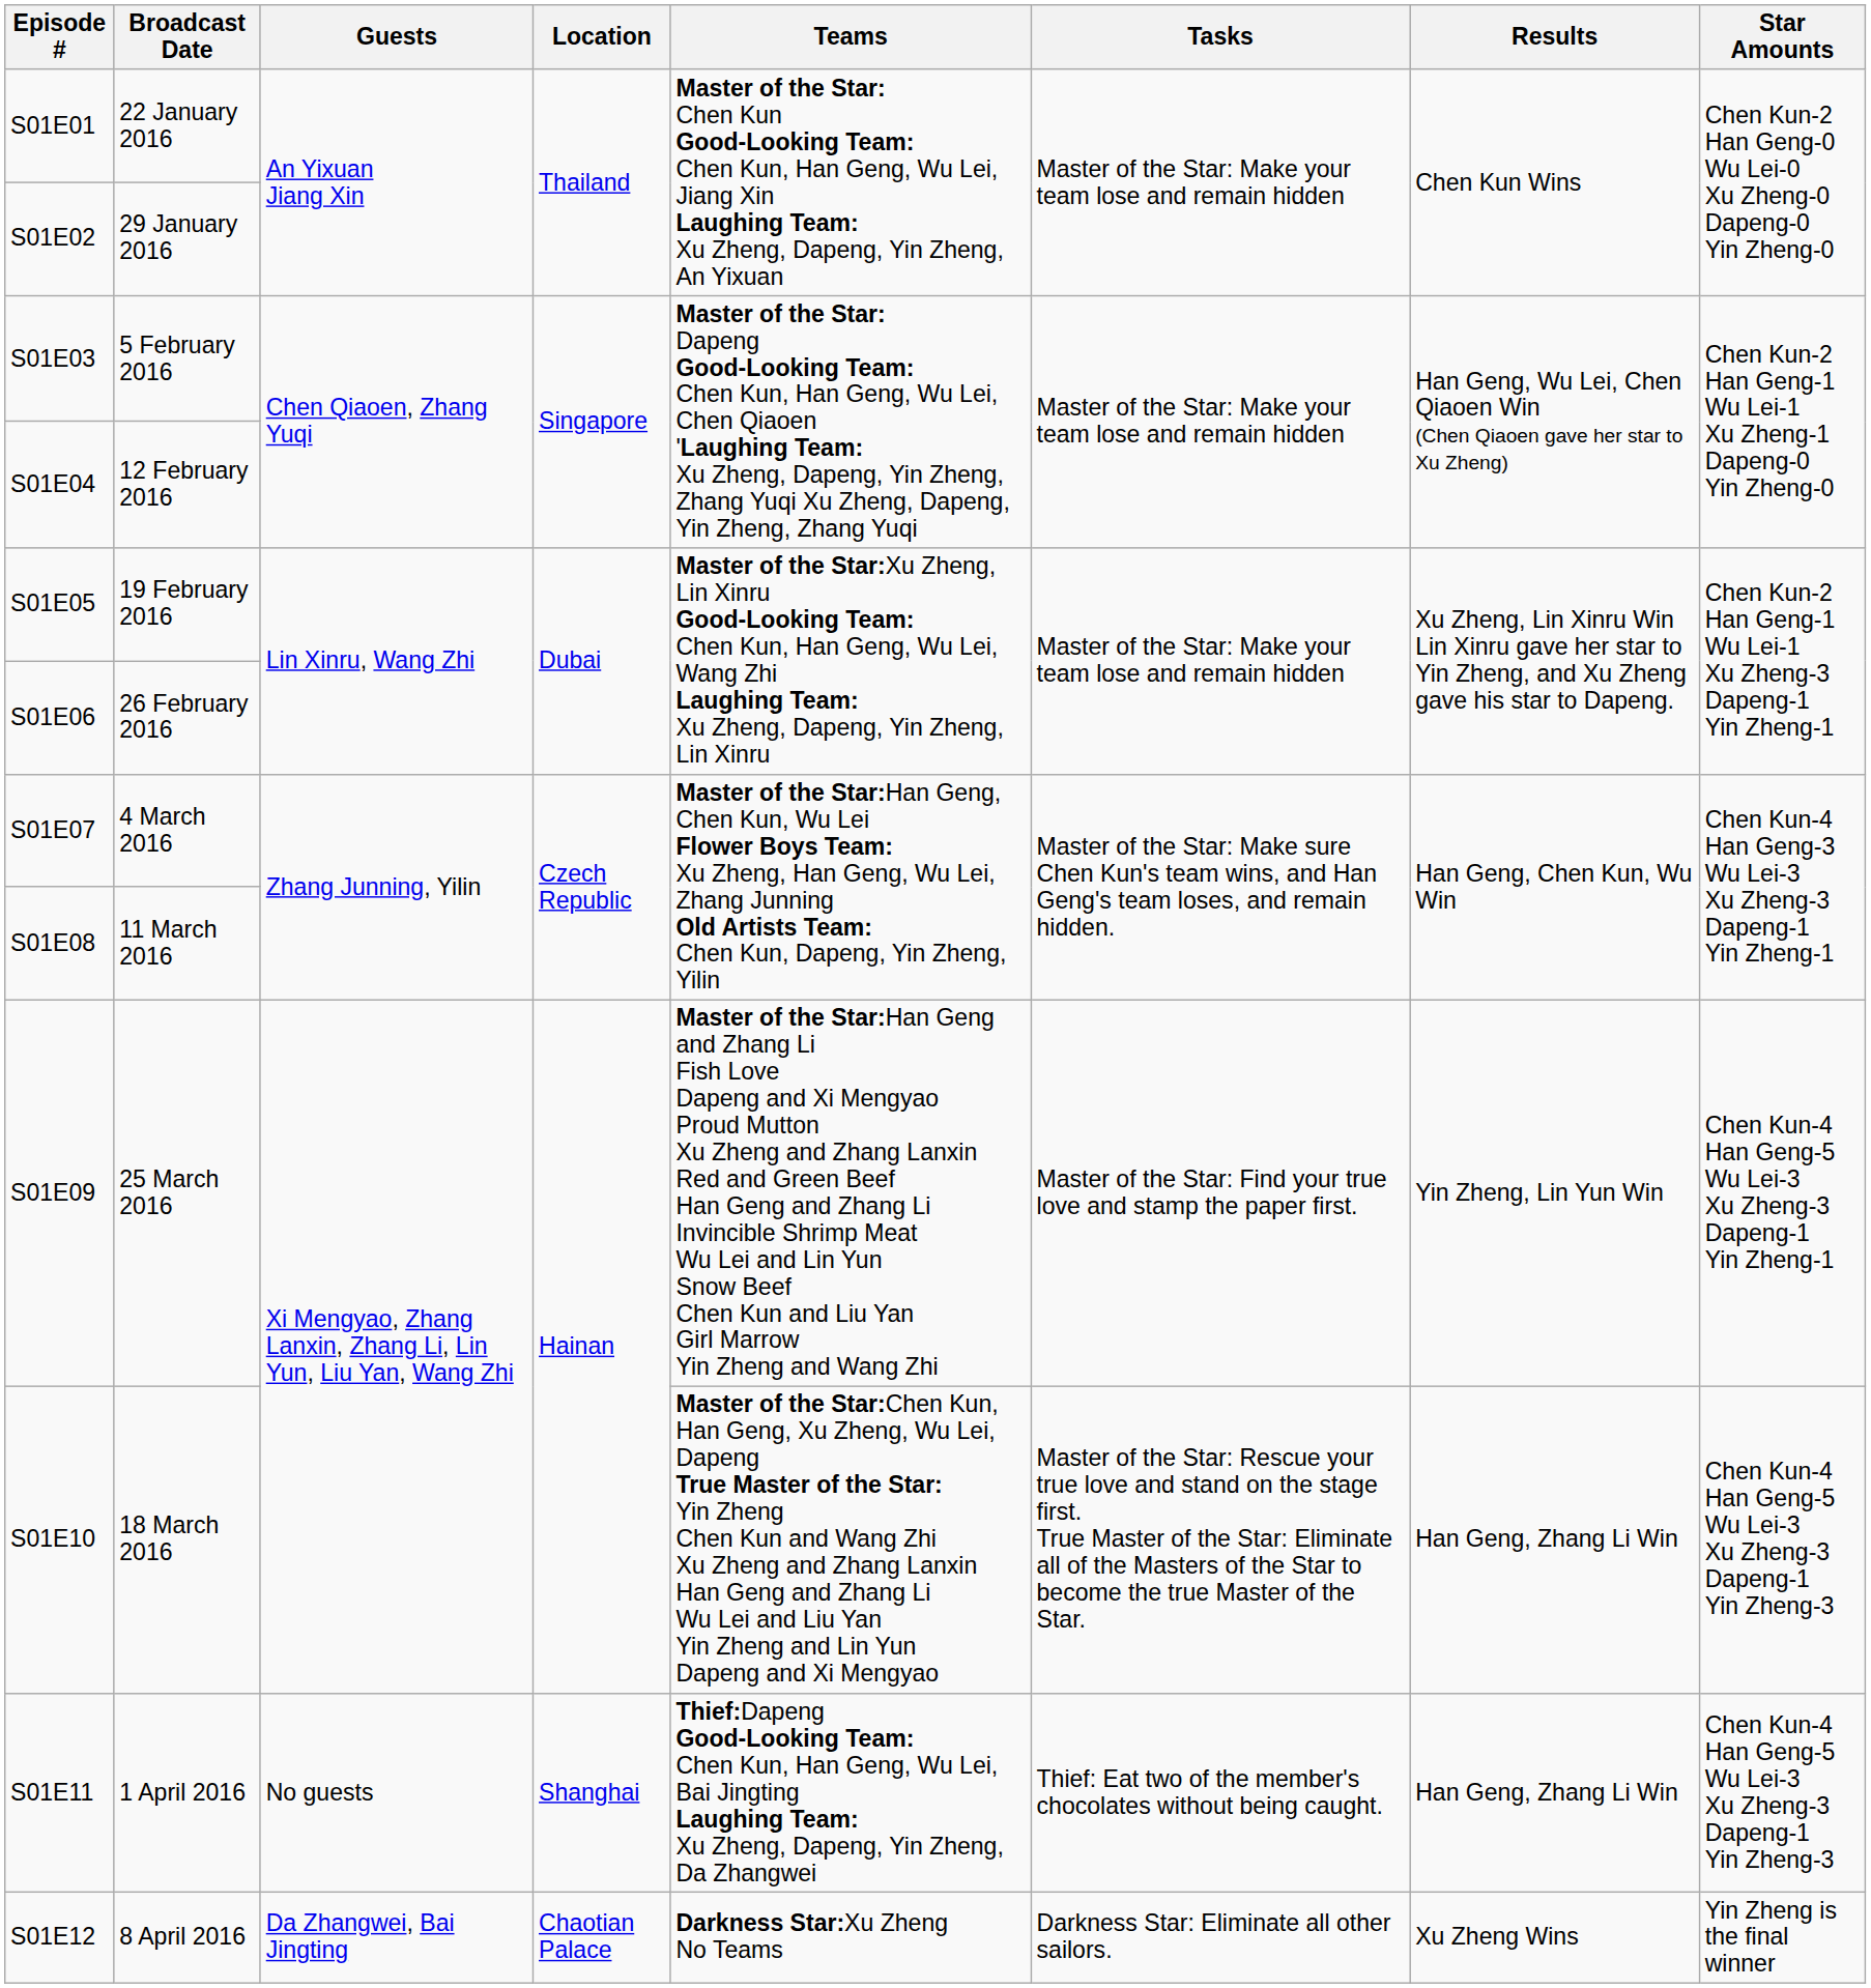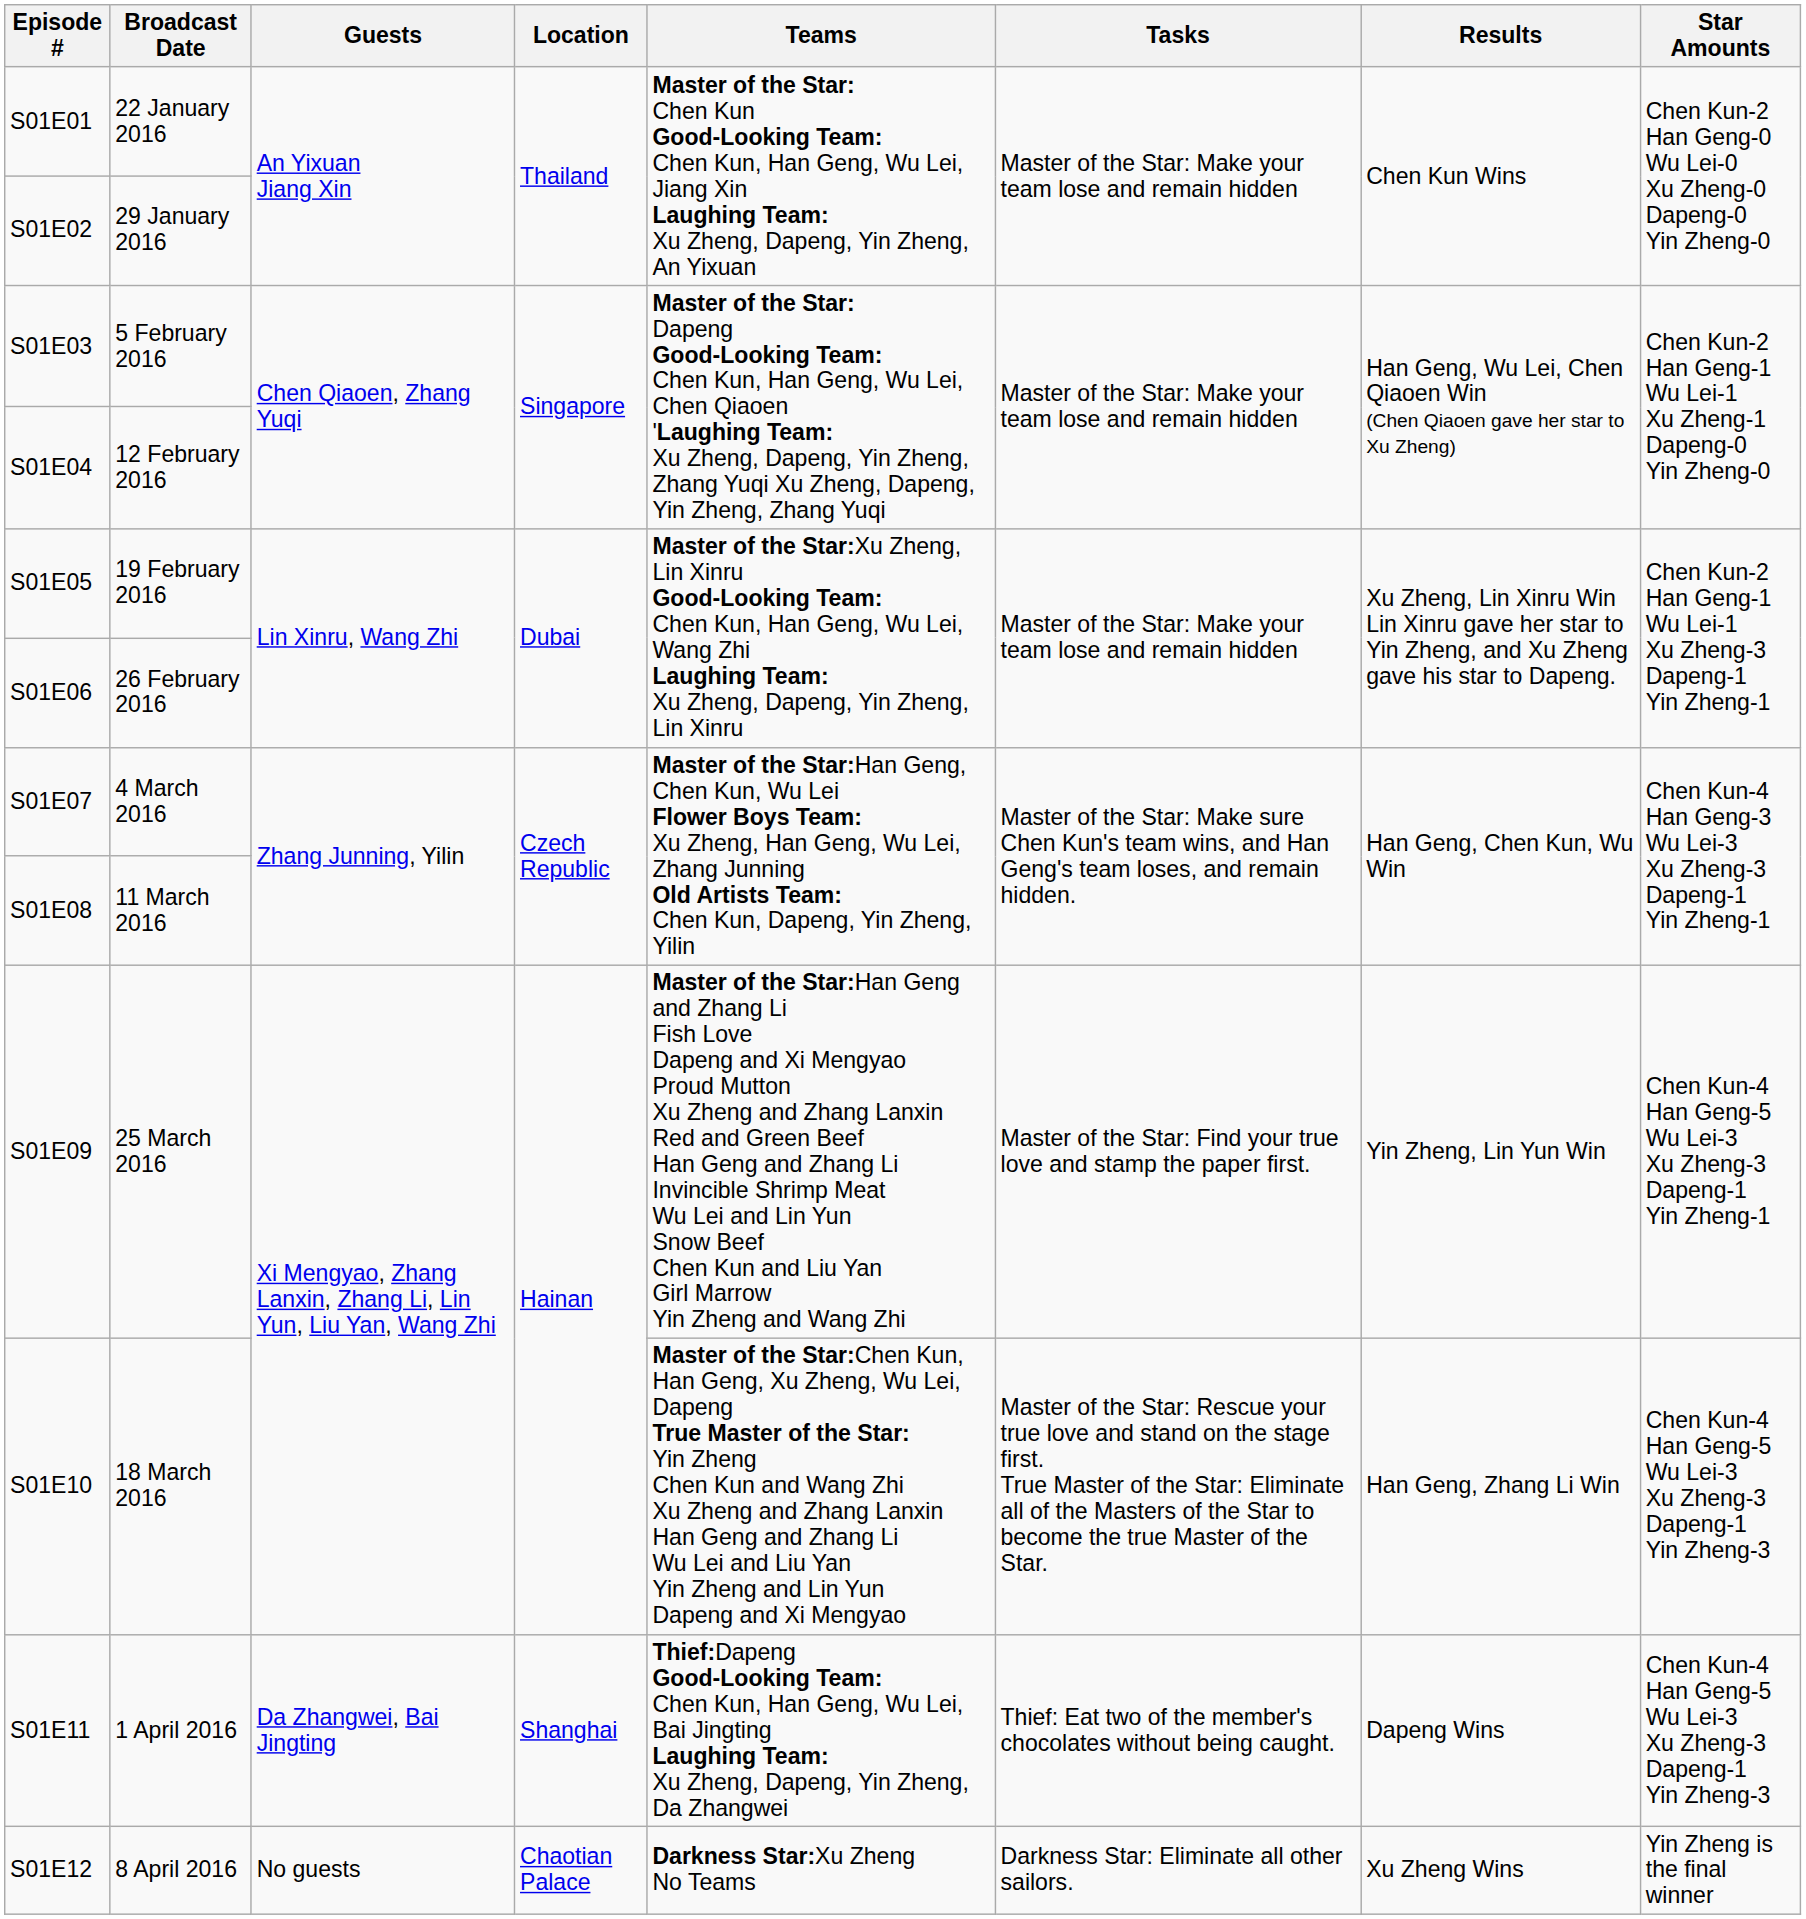 <table class="wikitable">
 <tr>
 <th>Episode #</th>
 <th>Broadcast Date</th>
 <th>Guests</th>
 <th>Location</th>
 <th>Teams</th>
 <th>Tasks</th>
 <th>Results</th>
 <th>Star Amounts</th>
 </tr>
 <tr>
 <td>S01E01</td>
 <td>22 January 2016</td>
 <td rowspan="2"><a href='#'>An Yixuan</a><br><a href='#'>Jiang Xin</a></td>
 <td rowspan="2"><a href='#'>Thailand</a></td>
 <td rowspan="2"><span><strong>Master of the Star:</strong></span><br>Chen Kun<br><span><strong>Good-Looking Team:</strong></span><br>Chen Kun, Han Geng, Wu Lei, Jiang Xin<br><span><strong>Laughing Team:</strong></span><br>Xu Zheng,  Dapeng, Yin Zheng, An Yixuan</td>
 <td rowspan="2">Master of the Star: Make your team lose and remain hidden<br></td>
 <td rowspan="2">Chen Kun <span> Wins</span></td>
 <td rowspan="2">Chen Kun-2<br>Han Geng-0<br>Wu Lei-0<br>Xu Zheng-0<br>Dapeng-0<br>Yin Zheng-0</td>
 </tr>
 <tr>
 <td>S01E02</td>
 <td>29 January 2016</td>
 </tr>
 <tr>
 <td>S01E03</td>
 <td>5 February 2016</td>
 <td rowspan="2"><a href='#'>Chen Qiaoen</a>, <a href='#'>Zhang Yuqi</a></td>
 <td rowspan="2"><a href='#'>Singapore</a></td>
 <td rowspan="2"><span><strong>Master of the Star:</strong></span><br>Dapeng<br><span><strong>Good-Looking Team:</strong></span><br>Chen Kun, Han Geng, Wu Lei, Chen Qiaoen<br>'<span><strong>Laughing Team:</strong></span><br>Xu Zheng,  Dapeng, Yin Zheng, Zhang Yuqi Xu Zheng,  Dapeng, Yin Zheng, Zhang Yuqi</td>
 <td rowspan="2">Master of the Star: Make your team lose and remain hidden<br></td>
 <td rowspan="2">Han Geng, Wu Lei, Chen Qiaoen <span>Win</span><br><small>(Chen Qiaoen gave her star to Xu Zheng)</small></td>
 <td rowspan="2">Chen Kun-2<br>Han Geng-1<br>Wu Lei-1<br>Xu Zheng-1<br>Dapeng-0<br>Yin Zheng-0</td>
 </tr>
 <tr>
 <td>S01E04</td>
 <td>12 February 2016</td>
 </tr>
 <tr>
 <td>S01E05</td>
 <td>19 February 2016</td>
 <td rowspan="2"><a href='#'>Lin Xinru</a>, <a href='#'>Wang Zhi</a></td>
 <td rowspan="2"><a href='#'>Dubai</a></td>
 <td rowspan="2"><span><strong>Master of the Star:</strong></span>Xu Zheng, Lin Xinru<br><span><strong>Good-Looking Team:</strong></span><br>Chen Kun, Han Geng, Wu Lei, Wang Zhi<br><span><strong>Laughing Team:</strong></span><br>Xu Zheng,  Dapeng, Yin Zheng, Lin Xinru</td>
 <td rowspan="2">Master of the Star: Make your team lose and remain hidden</td>
 <td rowspan="2">Xu Zheng, Lin Xinru <span>Win</span><br>Lin Xinru gave her star to Yin Zheng, and Xu Zheng gave his star to Dapeng.</td>
 <td rowspan="2">Chen Kun-2<br>Han Geng-1<br>Wu Lei-1<br>Xu Zheng-3<br>Dapeng-1<br>Yin Zheng-1</td>
 </tr>
 <tr>
 <td>S01E06</td>
 <td>26 February 2016</td>
 </tr>
 <tr>
 <td>S01E07</td>
 <td>4 March 2016</td>
 <td rowspan="2"><a href='#'>Zhang Junning</a>, Yilin</td>
 <td rowspan="2"><a href='#'>Czech Republic</a></td>
 <td rowspan="2"><span><strong>Master of the Star:</strong></span>Han Geng, Chen Kun, Wu Lei<br><span><strong>Flower Boys Team:</strong></span><br>Xu Zheng, Han Geng, Wu Lei, Zhang Junning<br><span><strong>Old Artists Team:</strong></span><br>Chen Kun,  Dapeng, Yin Zheng, Yilin</td>
 <td rowspan="2">Master of the Star: Make sure Chen Kun's team wins, and Han Geng's team loses, and remain hidden.</td>
 <td rowspan="2">Han Geng, Chen Kun, Wu <span>Win</span></td>
 <td rowspan="2">Chen Kun-4<br>Han Geng-3<br>Wu Lei-3<br>Xu Zheng-3<br>Dapeng-1<br>Yin Zheng-1</td>
 </tr>
 <tr>
 <td>S01E08</td>
 <td>11 March 2016</td>
 </tr>
 <tr>
 <td>S01E09</td>
 <td>25 March 2016</td>
 <td rowspan="2"><a href='#'>Xi Mengyao</a>, <a href='#'>Zhang Lanxin</a>, <a href='#'>Zhang Li</a>, <a href='#'>Lin Yun</a>, <a href='#'>Liu Yan</a>, <a href='#'>Wang Zhi</a></td>
 <td rowspan="2"><a href='#'>Hainan</a></td>
 <td><span><strong>Master of the Star:</strong></span>Han Geng and Zhang Li<br>Fish Love<br>Dapeng and Xi Mengyao<br>Proud Mutton<br>Xu Zheng and Zhang Lanxin<br>Red and Green Beef<br>Han Geng and Zhang Li<br>Invincible Shrimp Meat<br>Wu Lei and Lin Yun<br>Snow Beef<br>Chen Kun and Liu Yan<br>Girl Marrow<br>Yin Zheng and Wang Zhi</td>
 <td>Master of the Star: Find your true love and stamp the paper first.</td>
 <td>Yin Zheng, Lin Yun <span>Win</span></td>
 <td>Chen Kun-4<br>Han Geng-5<br>Wu Lei-3<br>Xu Zheng-3<br>Dapeng-1<br>Yin Zheng-1</td>
 </tr>
 <tr>
 <td>S01E10</td>
 <td>18 March 2016</td>
 <td><span><strong>Master of the Star:</strong></span>Chen Kun, Han Geng, Xu Zheng, Wu Lei, Dapeng<br><span><strong>True Master of the Star:</strong></span><br>Yin Zheng<br>Chen Kun and Wang Zhi<br>Xu Zheng and  Zhang Lanxin<br>Han Geng and Zhang Li<br>Wu Lei and Liu Yan<br>Yin Zheng and Lin Yun<br>Dapeng and Xi Mengyao</td>
 <td>Master of the Star: Rescue your true love and stand on the stage first.<br>True Master of the Star: Eliminate all of the Masters of the Star to become the true Master of the Star.</td>
 <td>Han Geng, Zhang Li <span>Win</span></td>
 <td>Chen Kun-4<br>Han Geng-5<br>Wu Lei-3<br>Xu Zheng-3<br>Dapeng-1<br>Yin Zheng-3</td>
 </tr>
 <tr>
 <td>S01E11</td>
 <td>1 April 2016</td>
-<td>No guests</td>
+<td><a href='#'>Da Zhangwei</a>, <a href='#'>Bai Jingting</a></td>
 <td><a href='#'>Shanghai</a></td>
 <td><span><strong>Thief:</strong></span>Dapeng<br><span><strong>Good-Looking Team:</strong></span><br>Chen Kun, Han Geng, Wu Lei, Bai Jingting<br><span><strong>Laughing Team:</strong></span><br>Xu Zheng,  Dapeng, Yin Zheng, Da Zhangwei</td>
 <td>Thief: Eat two of the member's chocolates without being caught.</td>
-<td>Han Geng, Zhang Li <span>Win</span></td>
+<td>Dapeng <span>Wins</span></td>
 <td>Chen Kun-4<br>Han Geng-5<br>Wu Lei-3<br>Xu Zheng-3<br>Dapeng-1<br>Yin Zheng-3</td>
 </tr>
 <tr>
 <td>S01E12</td>
 <td>8 April 2016</td>
-<td><a href='#'>Da Zhangwei</a>, <a href='#'>Bai Jingting</a></td>
+<td>No guests</td>
 <td><a href='#'>Chaotian Palace</a></td>
 <td><span><strong>Darkness Star:</strong></span>Xu Zheng<br>No Teams</td>
 <td>Darkness Star: Eliminate all other sailors.</td>
 <td>Xu Zheng <span>Wins</span></td>
 <td>Yin Zheng is the final winner</td>
 </tr>
 </table>
